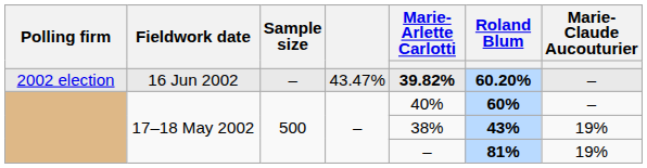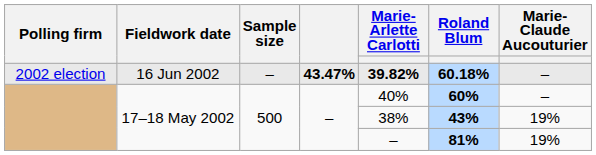 <table class="wikitable sortable" style="text-align:center;font-size:90%;line-height:14px;">
 <tr style="height:40px;">
 <th style="width:100px;" rowspan="2">Polling firm</th>
 <th style="width:110px;" rowspan="2">Fieldwork date</th>
 <th style="width:35px;" rowspan="2">Sample<br>size</th>
 <th style="width:30px;" rowspan="2"></th>
 <th class="unsortable" style="width:60px;"><a href='#'>Marie-Arlette Carlotti</a><br></th>
 <th class="unsortable" style="width:60px;"><a href='#'>Roland Blum</a><br></th>
 <th class="unsortable" style="width:60px;">Marie-Claude Aucouturier<br></th>
 </tr>
 <tr>
 <th style="background:"></th>
 <th style="background:"></th>
 <th style="background:"></th>
 </tr>
 <tr style="background:#E9E9E9;">
 <td><a href='#'>2002 election</a></td>
 <td data-sort-value="2002-06-16">16 Jun 2002</td>
 <td>–</td>
-<td>43.47%</td>
+<td><strong>43.47%</strong></td>
 <td><strong>39.82%</strong></td>
-<td style="background:#B9DAFF;"><strong>60.20%</strong></td>
+<td style="background:#B9DAFF;"><strong>60.18%</strong></td>
 <td>–</td>
 </tr>
 <tr>
 <td rowspan="3" style="background:burlywood;"></td>
 <td rowspan="3" data-sort-value="2002-05-18">17–18 May 2002</td>
 <td rowspan="3">500</td>
 <td rowspan="3">–</td>
 <td>40%</td>
 <td style="background:#B9DAFF;"><strong>60%</strong></td>
 <td>–</td>
 </tr>
 <tr>
 <td>38%</td>
 <td style="background:#B9DAFF;"><strong>43%</strong></td>
 <td>19%</td>
 </tr>
 <tr>
 <td>–</td>
 <td style="background:#B9DAFF;"><strong>81%</strong></td>
 <td>19%</td>
 </tr>
 </table>
